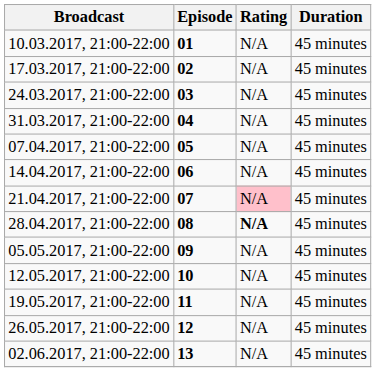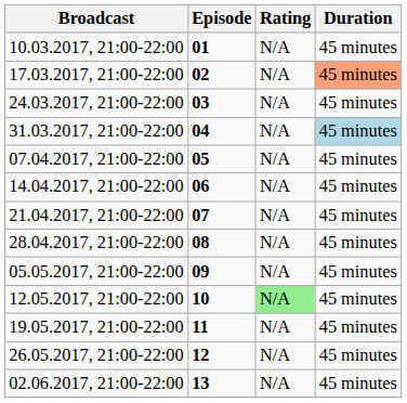 <table class="wikitable">
 <tr>
 <th>Broadcast</th>
 <th>Episode</th>
 <th>Rating</th>
 <th>Duration</th>
 </tr>
 <tr>
 <td>10.03.2017, 21:00-22:00</td>
 <td><strong>01</strong></td>
 <td>N/A</td>
 <td>45 minutes</td>
 </tr>
 <tr>
 <td>17.03.2017, 21:00-22:00</td>
 <td><strong>02</strong></td>
 <td>N/A</td>
-<td>45 minutes</td>
+<td style="background: lightsalmon;">45 minutes</td>
 </tr>
 <tr>
 <td>24.03.2017, 21:00-22:00</td>
 <td><strong>03</strong></td>
 <td>N/A</td>
 <td>45 minutes</td>
 </tr>
 <tr>
 <td>31.03.2017, 21:00-22:00</td>
 <td><strong>04</strong></td>
 <td>N/A</td>
-<td>45 minutes</td>
+<td style="background: lightblue;">45 minutes</td>
 </tr>
 <tr>
 <td>07.04.2017, 21:00-22:00</td>
 <td><strong>05</strong></td>
 <td>N/A</td>
 <td>45 minutes</td>
 </tr>
 <tr>
 <td>14.04.2017, 21:00-22:00</td>
 <td><strong>06</strong></td>
 <td>N/A</td>
 <td>45 minutes</td>
 </tr>
 <tr>
 <td>21.04.2017, 21:00-22:00</td>
 <td><strong>07</strong></td>
-<td style="background: pink;">N/A</td>
+<td>N/A</td>
 <td>45 minutes</td>
 </tr>
 <tr>
 <td>28.04.2017, 21:00-22:00</td>
 <td><strong>08</strong></td>
-<td><strong>N/A</strong></td>
+<td>N/A</td>
 <td>45 minutes</td>
 </tr>
 <tr>
 <td>05.05.2017, 21:00-22:00</td>
 <td><strong>09</strong></td>
 <td>N/A</td>
 <td>45 minutes</td>
 </tr>
 <tr>
 <td>12.05.2017, 21:00-22:00</td>
 <td><strong>10</strong></td>
-<td>N/A</td>
+<td style="background: lightgreen;">N/A</td>
 <td>45 minutes</td>
 </tr>
 <tr>
 <td>19.05.2017, 21:00-22:00</td>
 <td><strong>11</strong></td>
 <td>N/A</td>
 <td>45 minutes</td>
 </tr>
 <tr>
 <td>26.05.2017, 21:00-22:00</td>
 <td><strong>12</strong></td>
 <td>N/A</td>
 <td>45 minutes</td>
 </tr>
 <tr>
 <td>02.06.2017, 21:00-22:00</td>
 <td><strong>13</strong></td>
 <td>N/A</td>
 <td>45 minutes</td>
 </tr>
 <tr>
 </tr>
 </table>
